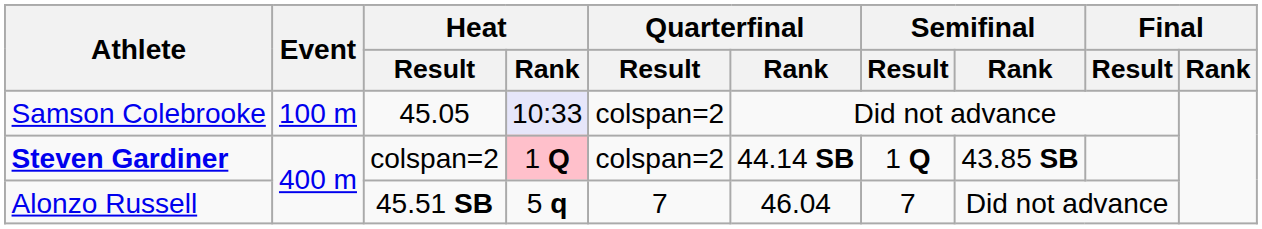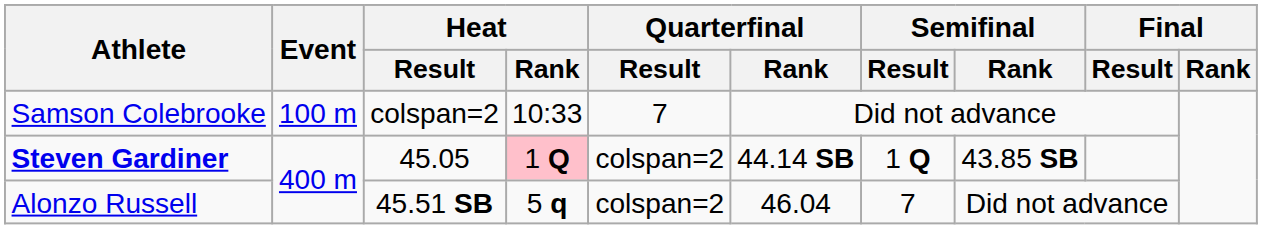 <table class="wikitable" style="font-size:90%">
 <tr>
 <th rowspan="2">Athlete</th>
 <th rowspan="2">Event</th>
 <th colspan="2">Heat</th>
 <th colspan="2">Quarterfinal</th>
 <th colspan="2">Semifinal</th>
 <th colspan="2">Final</th>
 </tr>
 <tr style="font-size:95%">
 <th>Result</th>
 <th>Rank</th>
 <th>Result</th>
 <th>Rank</th>
 <th>Result</th>
 <th>Rank</th>
 <th>Result</th>
 <th>Rank</th>
 </tr>
 <tr align=center>
 <td align=left><a href='#'>Samson Colebrooke</a></td>
 <td align="left"><a href='#'>100 m</a></td>
-<td>45.05</td>
-<td style="background: lavender;">10:33</td>
 <td>colspan=2 </td>
+<td>10:33</td>
+<td>7</td>
 <td colspan=4>Did not advance</td>
 </tr>
 <tr align=center>
 <td align="left"><strong><a href='#'>Steven Gardiner</a></strong></td>
 <td rowspan="2" align="left"><a href='#'>400 m</a></td>
-<td>colspan=2 </td>
+<td>45.05</td>
 <td style="background: pink;">1 <strong>Q</strong></td>
 <td>colspan=2 </td>
 <td>44.14 <strong>SB</strong></td>
 <td>1 <strong>Q</strong></td>
 <td>43.85 <strong>SB</strong></td>
 <td></td>
 </tr>
 <tr align=center>
 <td align=left><a href='#'>Alonzo Russell</a></td>
 <td>45.51 <strong>SB</strong></td>
 <td>5 <strong>q</strong></td>
-<td>7</td>
+<td>colspan=2 </td>
 <td>46.04</td>
 <td>7</td>
 <td colspan="2">Did not advance</td>
 </tr>
 </table>
